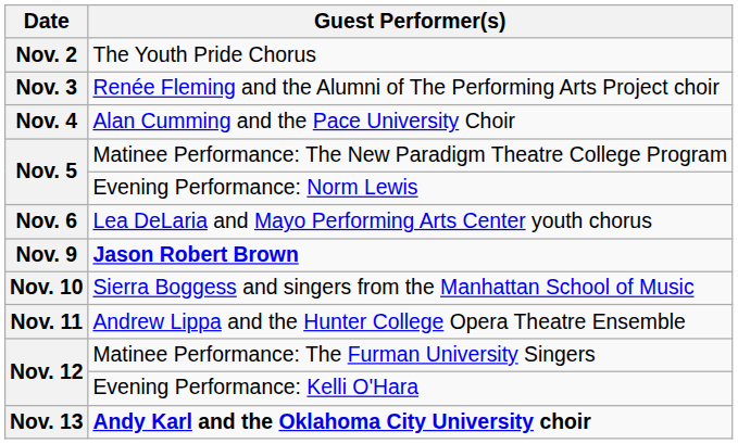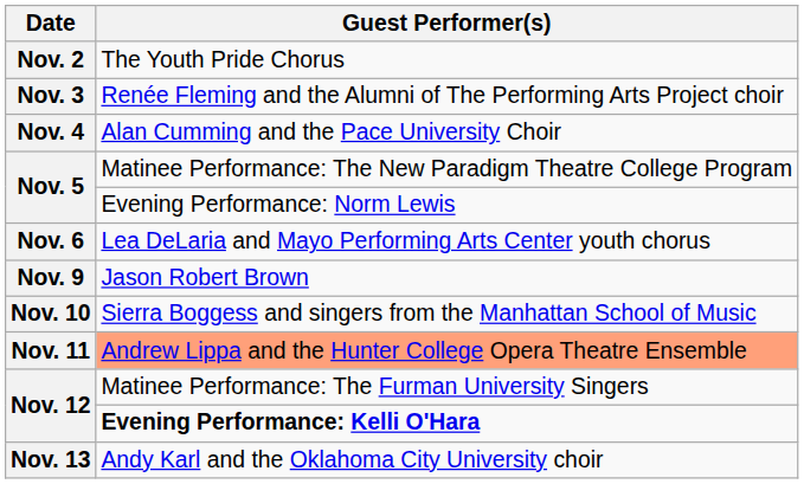 <table class="wikitable">
 <tr>
 <th>Date</th>
 <th>Guest Performer(s)</th>
 </tr>
 <tr>
 <th>Nov. 2</th>
 <td>The Youth Pride Chorus</td>
 </tr>
 <tr>
 <th>Nov. 3</th>
 <td><a href='#'>Renée Fleming</a> and the Alumni of The Performing Arts Project choir</td>
 </tr>
 <tr>
 <th>Nov. 4</th>
 <td><a href='#'>Alan Cumming</a> and the <a href='#'>Pace University</a> Choir</td>
 </tr>
 <tr>
 <th rowspan="2">Nov. 5</th>
 <td>Matinee Performance: The New Paradigm Theatre College Program</td>
 </tr>
 <tr>
 <td>Evening Performance: <a href='#'>Norm Lewis</a></td>
 </tr>
 <tr>
 <th>Nov. 6</th>
 <td><a href='#'>Lea DeLaria</a> and <a href='#'>Mayo Performing Arts Center</a> youth chorus</td>
 </tr>
 <tr>
 <th>Nov. 9</th>
-<td><strong><a href='#'>Jason Robert Brown</a></strong></td>
+<td><a href='#'>Jason Robert Brown</a></td>
 </tr>
 <tr>
 <th>Nov. 10</th>
 <td><a href='#'>Sierra Boggess</a> and singers from the <a href='#'>Manhattan School of Music</a></td>
 </tr>
 <tr>
 <th>Nov. 11</th>
-<td><a href='#'>Andrew Lippa</a> and the <a href='#'>Hunter College</a> Opera Theatre Ensemble</td>
+<td style="background: lightsalmon;"><a href='#'>Andrew Lippa</a> and the <a href='#'>Hunter College</a> Opera Theatre Ensemble</td>
 </tr>
 <tr>
 <th rowspan="2">Nov. 12</th>
 <td>Matinee Performance: The <a href='#'>Furman University</a> Singers</td>
 </tr>
 <tr>
-<td>Evening Performance: <a href='#'>Kelli O'Hara</a></td>
+<td><strong>Evening Performance: <a href='#'>Kelli O'Hara</a></strong></td>
 </tr>
 <tr>
 <th>Nov. 13</th>
-<td><strong><a href='#'>Andy Karl</a> and the <a href='#'>Oklahoma City University</a> choir</strong></td>
+<td><a href='#'>Andy Karl</a> and the <a href='#'>Oklahoma City University</a> choir</td>
 </tr>
 </table>
